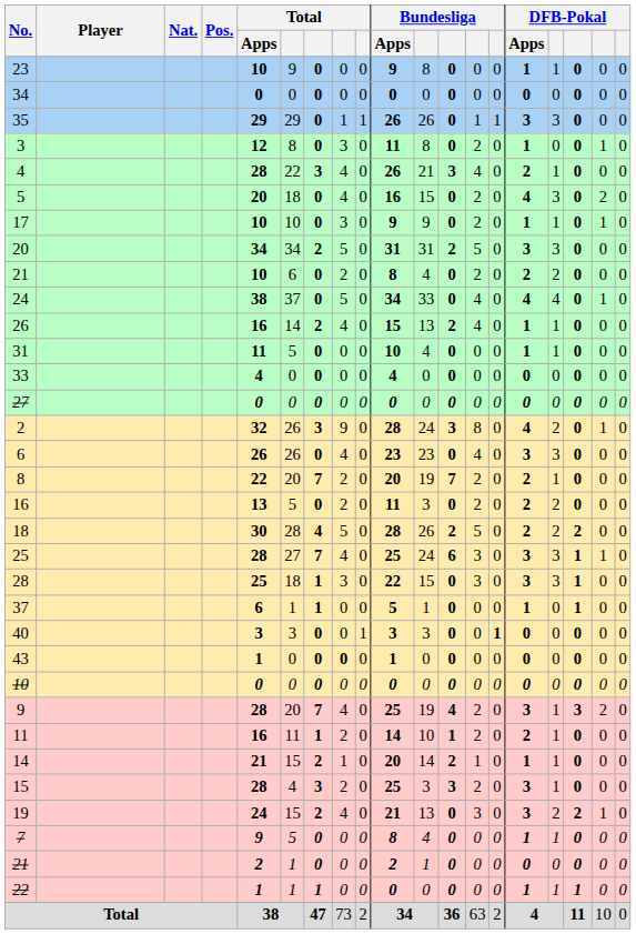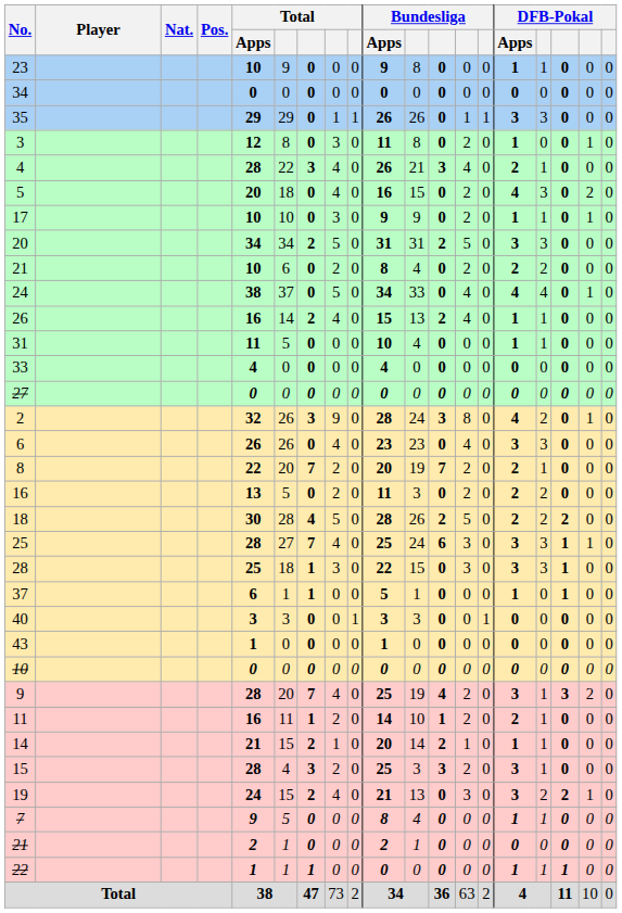 <table class="wikitable sortable nowrap" style=text-align:center>
 <tr>
 <th rowspan="2"><a href='#'>No.</a></th>
 <th rowspan="2" width="120">Player</th>
 <th rowspan="2"><a href='#'>Nat.</a></th>
 <th rowspan="2"><a href='#'>Pos.</a></th>
 <th colspan="5" style="border-right: 1pt black solid">Total</th>
 <th colspan="5" style="border-right: 1pt black solid"><a href='#'>Bundesliga</a></th>
 <th colspan="5"><a href='#'>DFB-Pokal</a></th>
 </tr>
 <tr>
 <th>Apps</th>
 <th></th>
 <th width=20></th>
 <th></th>
 <th style="border-right: 1pt black solid"></th>
 <th>Apps</th>
 <th></th>
 <th width=20></th>
 <th></th>
 <th style="border-right: 1pt black solid"></th>
 <th>Apps</th>
 <th></th>
 <th width=20></th>
 <th></th>
 <th></th>
 </tr>
 <tr style="background:#A9D0F5">
 <td>23</td>
 <td align="left"></td>
 <td></td>
 <td></td>
 <td><strong>10</strong></td>
 <td>9</td>
 <td><strong>0</strong></td>
 <td>0</td>
 <td style="border-right: 1pt black solid">0</td>
 <td><strong>9</strong></td>
 <td>8</td>
 <td><strong>0</strong></td>
 <td>0</td>
 <td style="border-right: 1pt black solid">0</td>
 <td><strong>1</strong></td>
 <td>1</td>
 <td><strong>0</strong></td>
 <td>0</td>
 <td>0</td>
 </tr>
 <tr style="background:#A9D0F5">
 <td>34</td>
 <td align="left"></td>
 <td></td>
 <td></td>
 <td><strong>0</strong></td>
 <td>0</td>
 <td><strong>0</strong></td>
 <td>0</td>
 <td style="border-right: 1pt black solid">0</td>
 <td><strong>0</strong></td>
 <td>0</td>
 <td><strong>0</strong></td>
 <td>0</td>
 <td style="border-right: 1pt black solid">0</td>
 <td><strong>0</strong></td>
 <td>0</td>
 <td><strong>0</strong></td>
 <td>0</td>
 <td>0</td>
 </tr>
 <tr style="background:#A9D0F5">
 <td>35</td>
 <td align="left"></td>
 <td></td>
 <td></td>
 <td><strong>29</strong></td>
 <td>29</td>
 <td><strong>0</strong></td>
 <td>1</td>
 <td style="border-right: 1pt black solid">1</td>
 <td><strong>26</strong></td>
 <td>26</td>
 <td><strong>0</strong></td>
 <td>1</td>
 <td style="border-right: 1pt black solid">1</td>
 <td><strong>3</strong></td>
 <td>3</td>
 <td><strong>0</strong></td>
 <td>0</td>
 <td>0</td>
 </tr>
 <tr style="background:#B9FFC5">
 <td>3</td>
 <td align="left"></td>
 <td></td>
 <td></td>
 <td><strong>12</strong></td>
 <td>8</td>
 <td><strong>0</strong></td>
 <td>3</td>
 <td style="border-right: 1pt black solid">0</td>
 <td><strong>11</strong></td>
 <td>8</td>
 <td><strong>0</strong></td>
 <td>2</td>
 <td style="border-right: 1pt black solid">0</td>
 <td><strong>1</strong></td>
 <td>0</td>
 <td><strong>0</strong></td>
 <td>1</td>
 <td>0</td>
 </tr>
 <tr style="background:#B9FFC5">
 <td>4</td>
 <td align="left"></td>
 <td></td>
 <td></td>
 <td><strong>28</strong></td>
 <td>22</td>
 <td><strong>3</strong></td>
 <td>4</td>
 <td style="border-right: 1pt black solid">0</td>
 <td><strong>26</strong></td>
 <td>21</td>
 <td><strong>3</strong></td>
 <td>4</td>
 <td style="border-right: 1pt black solid">0</td>
 <td><strong>2</strong></td>
 <td>1</td>
 <td><strong>0</strong></td>
 <td>0</td>
 <td>0</td>
 </tr>
 <tr style="background:#B9FFC5">
 <td>5</td>
 <td align="left"></td>
 <td></td>
 <td></td>
 <td><strong>20</strong></td>
 <td>18</td>
 <td><strong>0</strong></td>
 <td>4</td>
 <td style="border-right: 1pt black solid">0</td>
 <td><strong>16</strong></td>
 <td>15</td>
 <td><strong>0</strong></td>
 <td>2</td>
 <td style="border-right: 1pt black solid">0</td>
 <td><strong>4</strong></td>
 <td>3</td>
 <td><strong>0</strong></td>
 <td>2</td>
 <td>0</td>
 </tr>
 <tr style="background:#B9FFC5">
 <td>17</td>
 <td align="left"></td>
 <td></td>
 <td></td>
 <td><strong>10</strong></td>
 <td>10</td>
 <td><strong>0</strong></td>
 <td>3</td>
 <td style="border-right: 1pt black solid">0</td>
 <td><strong>9</strong></td>
 <td>9</td>
 <td><strong>0</strong></td>
 <td>2</td>
 <td style="border-right: 1pt black solid">0</td>
 <td><strong>1</strong></td>
 <td>1</td>
 <td><strong>0</strong></td>
 <td>1</td>
 <td>0</td>
 </tr>
 <tr style="background:#B9FFC5">
 <td>20</td>
 <td align="left"></td>
 <td></td>
 <td></td>
 <td><strong>34</strong></td>
 <td>34</td>
 <td><strong>2</strong></td>
 <td>5</td>
 <td style="border-right: 1pt black solid">0</td>
 <td><strong>31</strong></td>
 <td>31</td>
 <td><strong>2</strong></td>
 <td>5</td>
 <td style="border-right: 1pt black solid">0</td>
 <td><strong>3</strong></td>
 <td>3</td>
 <td><strong>0</strong></td>
 <td>0</td>
 <td>0</td>
 </tr>
 <tr style="background:#B9FFC5">
 <td>21</td>
 <td align="left"></td>
 <td></td>
 <td></td>
 <td><strong>10</strong></td>
 <td>6</td>
 <td><strong>0</strong></td>
 <td>2</td>
 <td style="border-right: 1pt black solid">0</td>
 <td><strong>8</strong></td>
 <td>4</td>
 <td><strong>0</strong></td>
 <td>2</td>
 <td style="border-right: 1pt black solid">0</td>
 <td><strong>2</strong></td>
 <td>2</td>
 <td><strong>0</strong></td>
 <td>0</td>
 <td>0</td>
 </tr>
 <tr style="background:#B9FFC5">
 <td>24</td>
 <td align="left"></td>
 <td></td>
 <td></td>
 <td><strong>38</strong></td>
 <td>37</td>
 <td><strong>0</strong></td>
 <td>5</td>
 <td style="border-right: 1pt black solid">0</td>
 <td><strong>34</strong></td>
 <td>33</td>
 <td><strong>0</strong></td>
 <td>4</td>
 <td style="border-right: 1pt black solid">0</td>
 <td><strong>4</strong></td>
 <td>4</td>
 <td><strong>0</strong></td>
 <td>1</td>
 <td>0</td>
 </tr>
 <tr style="background:#B9FFC5">
 <td>26</td>
 <td align="left"></td>
 <td></td>
 <td></td>
 <td><strong>16</strong></td>
 <td>14</td>
 <td><strong>2</strong></td>
 <td>4</td>
 <td style="border-right: 1pt black solid">0</td>
 <td><strong>15</strong></td>
 <td>13</td>
 <td><strong>2</strong></td>
 <td>4</td>
 <td style="border-right: 1pt black solid">0</td>
 <td><strong>1</strong></td>
 <td>1</td>
 <td><strong>0</strong></td>
 <td>0</td>
 <td>0</td>
 </tr>
 <tr style="background:#B9FFC5">
 <td>31</td>
 <td align="left"></td>
 <td></td>
 <td></td>
 <td><strong>11</strong></td>
 <td>5</td>
 <td><strong>0</strong></td>
 <td>0</td>
 <td style="border-right: 1pt black solid">0</td>
 <td><strong>10</strong></td>
 <td>4</td>
 <td><strong>0</strong></td>
 <td>0</td>
 <td style="border-right: 1pt black solid">0</td>
 <td><strong>1</strong></td>
 <td>1</td>
 <td><strong>0</strong></td>
 <td>0</td>
 <td>0</td>
 </tr>
 <tr style="background:#B9FFC5">
 <td>33</td>
 <td align="left"></td>
 <td></td>
 <td></td>
 <td><strong>4</strong></td>
 <td>0</td>
 <td><strong>0</strong></td>
 <td>0</td>
 <td style="border-right: 1pt black solid">0</td>
 <td><strong>4</strong></td>
 <td>0</td>
 <td><strong>0</strong></td>
 <td>0</td>
 <td style="border-right: 1pt black solid">0</td>
 <td><strong>0</strong></td>
 <td>0</td>
 <td><strong>0</strong></td>
 <td>0</td>
 <td>0</td>
 </tr>
 <tr style="font-style:italic; background:#B9FFC5;">
 <td><s>27</s></td>
 <td align="left"></td>
 <td></td>
 <td></td>
 <td><strong>0</strong></td>
 <td>0</td>
 <td><strong>0</strong></td>
 <td>0</td>
 <td style="border-right: 1pt black solid">0</td>
 <td><strong>0</strong></td>
 <td>0</td>
 <td><strong>0</strong></td>
 <td>0</td>
 <td style="border-right: 1pt black solid">0</td>
 <td><strong>0</strong></td>
 <td>0</td>
 <td><strong>0</strong></td>
 <td>0</td>
 <td>0</td>
 </tr>
 <tr style="background:#FFEBAD">
 <td>2</td>
 <td align="left"></td>
 <td></td>
 <td></td>
 <td><strong>32</strong></td>
 <td>26</td>
 <td><strong>3</strong></td>
 <td>9</td>
 <td style="border-right: 1pt black solid">0</td>
 <td><strong>28</strong></td>
 <td>24</td>
 <td><strong>3</strong></td>
 <td>8</td>
 <td style="border-right: 1pt black solid">0</td>
 <td><strong>4</strong></td>
 <td>2</td>
 <td><strong>0</strong></td>
 <td>1</td>
 <td>0</td>
 </tr>
 <tr style="background:#FFEBAD">
 <td>6</td>
 <td align="left"></td>
 <td></td>
 <td></td>
 <td><strong>26</strong></td>
 <td>26</td>
 <td><strong>0</strong></td>
 <td>4</td>
 <td style="border-right: 1pt black solid">0</td>
 <td><strong>23</strong></td>
 <td>23</td>
 <td><strong>0</strong></td>
 <td>4</td>
 <td style="border-right: 1pt black solid">0</td>
 <td><strong>3</strong></td>
 <td>3</td>
 <td><strong>0</strong></td>
 <td>0</td>
 <td>0</td>
 </tr>
 <tr style="background:#FFEBAD">
 <td>8</td>
 <td align="left"></td>
 <td></td>
 <td></td>
 <td><strong>22</strong></td>
 <td>20</td>
 <td><strong>7</strong></td>
 <td>2</td>
 <td style="border-right: 1pt black solid">0</td>
 <td><strong>20</strong></td>
 <td>19</td>
 <td><strong>7</strong></td>
 <td>2</td>
 <td style="border-right: 1pt black solid">0</td>
 <td><strong>2</strong></td>
 <td>1</td>
 <td><strong>0</strong></td>
 <td>0</td>
 <td>0</td>
 </tr>
 <tr style="background:#FFEBAD">
 <td>16</td>
 <td align="left"></td>
 <td></td>
 <td></td>
 <td><strong>13</strong></td>
 <td>5</td>
 <td><strong>0</strong></td>
 <td>2</td>
 <td style="border-right: 1pt black solid">0</td>
 <td><strong>11</strong></td>
 <td>3</td>
 <td><strong>0</strong></td>
 <td>2</td>
 <td style="border-right: 1pt black solid">0</td>
 <td><strong>2</strong></td>
 <td>2</td>
 <td><strong>0</strong></td>
 <td>0</td>
 <td>0</td>
 </tr>
 <tr style="background:#FFEBAD">
 <td>18</td>
 <td align="left"></td>
 <td></td>
 <td></td>
 <td><strong>30</strong></td>
 <td>28</td>
 <td><strong>4</strong></td>
 <td>5</td>
 <td style="border-right: 1pt black solid">0</td>
 <td><strong>28</strong></td>
 <td>26</td>
 <td><strong>2</strong></td>
 <td>5</td>
 <td style="border-right: 1pt black solid">0</td>
 <td><strong>2</strong></td>
 <td>2</td>
 <td><strong>2</strong></td>
 <td>0</td>
 <td>0</td>
 </tr>
 <tr style="background:#FFEBAD">
 <td>25</td>
 <td align="left"></td>
 <td></td>
 <td></td>
 <td><strong>28</strong></td>
 <td>27</td>
 <td><strong>7</strong></td>
 <td>4</td>
 <td style="border-right: 1pt black solid">0</td>
 <td><strong>25</strong></td>
 <td>24</td>
 <td><strong>6</strong></td>
 <td>3</td>
 <td style="border-right: 1pt black solid">0</td>
 <td><strong>3</strong></td>
 <td>3</td>
 <td><strong>1</strong></td>
 <td>1</td>
 <td>0</td>
 </tr>
 <tr style="background:#FFEBAD">
 <td>28</td>
 <td align="left"></td>
 <td></td>
 <td></td>
 <td><strong>25</strong></td>
 <td>18</td>
 <td><strong>1</strong></td>
 <td>3</td>
 <td style="border-right: 1pt black solid">0</td>
 <td><strong>22</strong></td>
 <td>15</td>
 <td><strong>0</strong></td>
 <td>3</td>
 <td style="border-right: 1pt black solid">0</td>
 <td><strong>3</strong></td>
 <td>3</td>
 <td><strong>1</strong></td>
 <td>0</td>
 <td>0</td>
 </tr>
 <tr style="background:#FFEBAD">
 <td>37</td>
 <td align="left"></td>
 <td></td>
 <td></td>
 <td><strong>6</strong></td>
 <td>1</td>
 <td><strong>1</strong></td>
 <td>0</td>
 <td style="border-right: 1pt black solid">0</td>
 <td><strong>5</strong></td>
 <td>1</td>
 <td><strong>0</strong></td>
 <td>0</td>
 <td style="border-right: 1pt black solid">0</td>
 <td><strong>1</strong></td>
 <td>0</td>
 <td><strong>1</strong></td>
 <td>0</td>
 <td>0</td>
 </tr>
 <tr style="background:#FFEBAD">
 <td>40</td>
 <td align="left"></td>
 <td></td>
 <td></td>
 <td><strong>3</strong></td>
 <td>3</td>
 <td><strong>0</strong></td>
 <td>0</td>
 <td style="border-right: 1pt black solid">1</td>
 <td><strong>3</strong></td>
 <td>3</td>
 <td><strong>0</strong></td>
 <td>0</td>
-<td style="border-right: 1pt black solid"><strong>1</strong></td>
+<td style="border-right: 1pt black solid">1</td>
 <td><strong>0</strong></td>
 <td>0</td>
 <td><strong>0</strong></td>
 <td>0</td>
 <td>0</td>
 </tr>
 <tr style="background:#FFEBAD">
 <td>43</td>
 <td align="left"></td>
 <td></td>
 <td></td>
 <td><strong>1</strong></td>
 <td>0</td>
 <td><strong>0</strong></td>
-<td><strong>0</strong></td>
+<td>0</td>
 <td style="border-right: 1pt black solid">0</td>
 <td><strong>1</strong></td>
 <td>0</td>
 <td><strong>0</strong></td>
 <td>0</td>
 <td style="border-right: 1pt black solid">0</td>
 <td><strong>0</strong></td>
 <td>0</td>
 <td><strong>0</strong></td>
 <td>0</td>
 <td>0</td>
 </tr>
 <tr style="font-style:italic; background:#FFEBAD;">
 <td><s>10</s></td>
 <td align="left"></td>
 <td></td>
 <td></td>
 <td><strong>0</strong></td>
 <td>0</td>
 <td><strong>0</strong></td>
 <td>0</td>
 <td style="border-right: 1pt black solid">0</td>
 <td><strong>0</strong></td>
 <td>0</td>
 <td><strong>0</strong></td>
 <td>0</td>
 <td style="border-right: 1pt black solid">0</td>
 <td><strong>0</strong></td>
 <td>0</td>
 <td><strong>0</strong></td>
 <td>0</td>
 <td>0</td>
 </tr>
 <tr style="background:#FFCBCB">
 <td>9</td>
 <td align="left"></td>
 <td></td>
 <td></td>
 <td><strong>28</strong></td>
 <td>20</td>
 <td><strong>7</strong></td>
 <td>4</td>
 <td style="border-right: 1pt black solid">0</td>
 <td><strong>25</strong></td>
 <td>19</td>
 <td><strong>4</strong></td>
 <td>2</td>
 <td style="border-right: 1pt black solid">0</td>
 <td><strong>3</strong></td>
 <td>1</td>
 <td><strong>3</strong></td>
 <td>2</td>
 <td>0</td>
 </tr>
 <tr style="background:#FFCBCB">
 <td>11</td>
 <td align="left"></td>
 <td></td>
 <td></td>
 <td><strong>16</strong></td>
 <td>11</td>
 <td><strong>1</strong></td>
 <td>2</td>
 <td style="border-right: 1pt black solid">0</td>
 <td><strong>14</strong></td>
 <td>10</td>
 <td><strong>1</strong></td>
 <td>2</td>
 <td style="border-right: 1pt black solid">0</td>
 <td><strong>2</strong></td>
 <td>1</td>
 <td><strong>0</strong></td>
 <td>0</td>
 <td>0</td>
 </tr>
 <tr style="background:#FFCBCB">
 <td>14</td>
 <td align="left"></td>
 <td></td>
 <td></td>
 <td><strong>21</strong></td>
 <td>15</td>
 <td><strong>2</strong></td>
 <td>1</td>
 <td style="border-right: 1pt black solid">0</td>
 <td><strong>20</strong></td>
 <td>14</td>
 <td><strong>2</strong></td>
 <td>1</td>
 <td style="border-right: 1pt black solid">0</td>
 <td><strong>1</strong></td>
 <td>1</td>
 <td><strong>0</strong></td>
 <td>0</td>
 <td>0</td>
 </tr>
 <tr style="background:#FFCBCB">
 <td>15</td>
 <td align="left"></td>
 <td></td>
 <td></td>
 <td><strong>28</strong></td>
 <td>4</td>
 <td><strong>3</strong></td>
 <td>2</td>
 <td style="border-right: 1pt black solid">0</td>
 <td><strong>25</strong></td>
 <td>3</td>
 <td><strong>3</strong></td>
 <td>2</td>
 <td style="border-right: 1pt black solid">0</td>
 <td><strong>3</strong></td>
 <td>1</td>
 <td><strong>0</strong></td>
 <td>0</td>
 <td>0</td>
 </tr>
 <tr style="background:#FFCBCB">
 <td>19</td>
 <td align="left"></td>
 <td></td>
 <td></td>
 <td><strong>24</strong></td>
 <td>15</td>
 <td><strong>2</strong></td>
 <td>4</td>
 <td style="border-right: 1pt black solid">0</td>
 <td><strong>21</strong></td>
 <td>13</td>
 <td><strong>0</strong></td>
 <td>3</td>
 <td style="border-right: 1pt black solid">0</td>
 <td><strong>3</strong></td>
 <td>2</td>
 <td><strong>2</strong></td>
 <td>1</td>
 <td>0</td>
 </tr>
 <tr style="font-style:italic; background:#FFCBCB;">
 <td><s>7</s></td>
 <td align="left"></td>
 <td></td>
 <td></td>
 <td><strong>9</strong></td>
 <td>5</td>
 <td><strong>0</strong></td>
 <td>0</td>
 <td style="border-right: 1pt black solid">0</td>
 <td><strong>8</strong></td>
 <td>4</td>
 <td><strong>0</strong></td>
 <td>0</td>
 <td style="border-right: 1pt black solid">0</td>
 <td><strong>1</strong></td>
 <td>1</td>
 <td><strong>0</strong></td>
 <td>0</td>
 <td>0</td>
 </tr>
 <tr style="font-style:italic; background:#FFCBCB;">
 <td><s>21</s></td>
 <td align="left"></td>
 <td></td>
 <td></td>
 <td><strong>2</strong></td>
 <td>1</td>
 <td><strong>0</strong></td>
 <td>0</td>
 <td style="border-right: 1pt black solid">0</td>
 <td><strong>2</strong></td>
 <td>1</td>
 <td><strong>0</strong></td>
 <td>0</td>
 <td style="border-right: 1pt black solid">0</td>
 <td><strong>0</strong></td>
 <td>0</td>
 <td><strong>0</strong></td>
 <td>0</td>
 <td>0</td>
 </tr>
 <tr style="font-style:italic; background:#FFCBCB;">
 <td><s>22</s></td>
 <td align="left"></td>
 <td></td>
 <td></td>
 <td><strong>1</strong></td>
 <td>1</td>
 <td><strong>1</strong></td>
 <td>0</td>
 <td style="border-right: 1pt black solid">0</td>
 <td><strong>0</strong></td>
 <td>0</td>
 <td><strong>0</strong></td>
 <td>0</td>
 <td style="border-right: 1pt black solid">0</td>
 <td><strong>1</strong></td>
 <td>1</td>
 <td><strong>1</strong></td>
 <td>0</td>
 <td>0</td>
 </tr>
 <tr class="sortbottom" style="background:#DCDCDC">
 <td colspan="4"><strong>Total</strong></td>
 <td colspan="2"><strong>38</strong></td>
 <td><strong>47</strong></td>
 <td>73</td>
 <td style="border-right: 1pt black solid">2</td>
 <td colspan="2"><strong>34</strong></td>
 <td><strong>36</strong></td>
 <td>63</td>
 <td style="border-right: 1pt black solid">2</td>
 <td colspan="2"><strong>4</strong></td>
 <td><strong>11</strong></td>
 <td>10</td>
 <td>0</td>
 </tr>
 </table>
